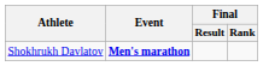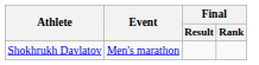 <table class="wikitable" style="font-size:90%">
 <tr>
 <th rowspan="2">Athlete</th>
 <th rowspan="2">Event</th>
 <th colspan="2">Final</th>
 </tr>
 <tr style="font-size:95%">
 <th>Result</th>
 <th>Rank</th>
 </tr>
 <tr align=center>
 <td align=left><a href='#'>Shokhrukh Davlatov</a></td>
-<td align=left><strong><a href='#'>Men's marathon</a></strong></td>
+<td align=left><a href='#'>Men's marathon</a></td>
 <td></td>
 <td></td>
 </tr>
 </table>
